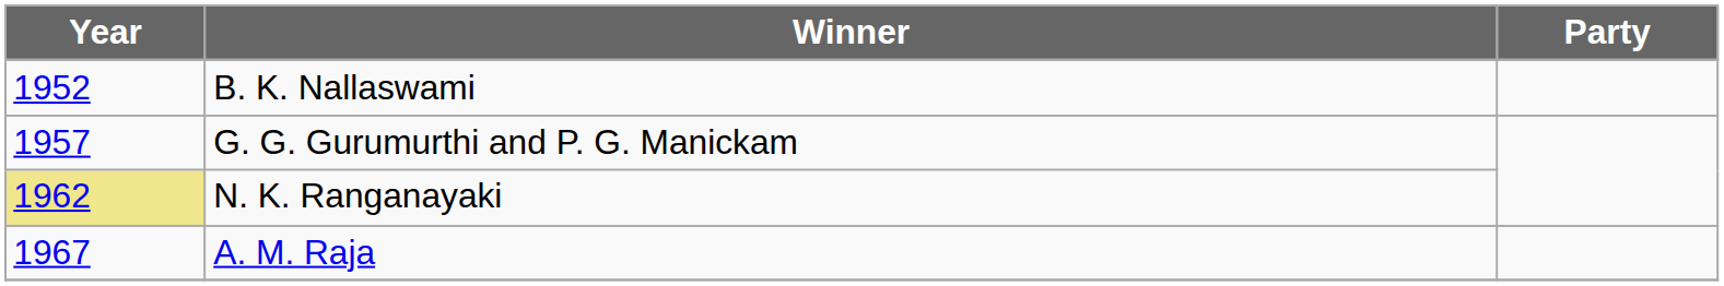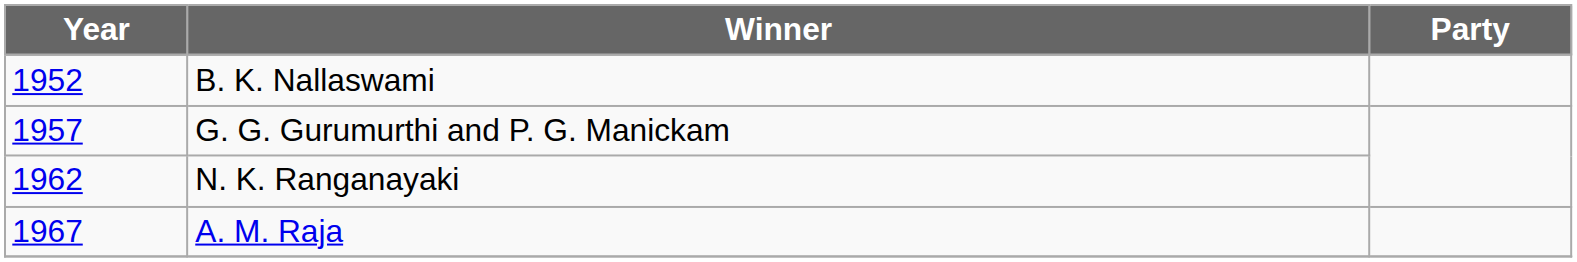 <table class="wikitable sortable" width="50%">
 <tr>
 <th style="background-color:#666666; color:white">Year</th>
 <th style="background-color:#666666; color:white">Winner</th>
 <th style="background-color:#666666; color:white" colspan="2">Party</th>
 </tr>
 <tr>
 <td><a href='#'>1952</a></td>
 <td>B. K. Nallaswami</td>
 <td></td>
 </tr>
 <tr>
 <td><a href='#'>1957</a></td>
 <td>G. G. Gurumurthi and P. G. Manickam</td>
 </tr>
 <tr>
-<td style="background: khaki;"><a href='#'>1962</a></td>
+<td><a href='#'>1962</a></td>
 <td>N. K. Ranganayaki</td>
 </tr>
 <tr>
 <td><a href='#'>1967</a></td>
 <td><a href='#'>A. M. Raja</a></td>
 <td></td>
 </tr>
 <tr>
 </tr>
 </table>
